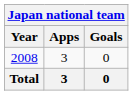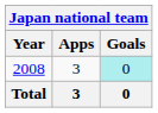 <table class="wikitable" style="text-align:center">
 <tr>
 <th colspan=3><a href='#'>Japan national team</a></th>
 </tr>
 <tr>
 <th>Year</th>
 <th>Apps</th>
 <th>Goals</th>
 </tr>
 <tr>
 <td><a href='#'>2008</a></td>
 <td>3</td>
-<td>0</td>
+<td style="background: paleturquoise;">0</td>
 </tr>
 <tr>
 <th>Total</th>
 <th>3</th>
 <th>0</th>
 </tr>
 </table>
